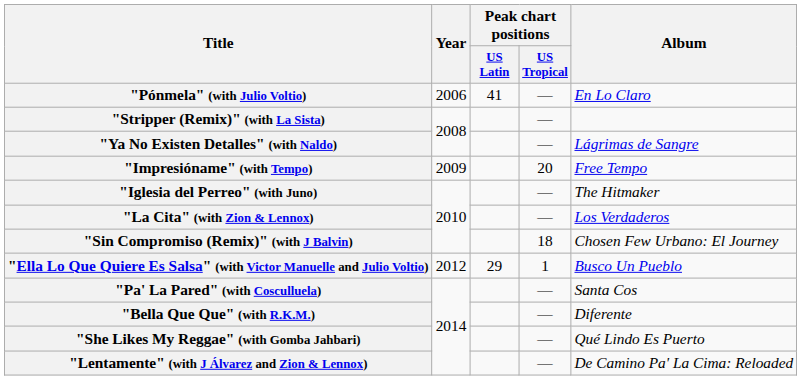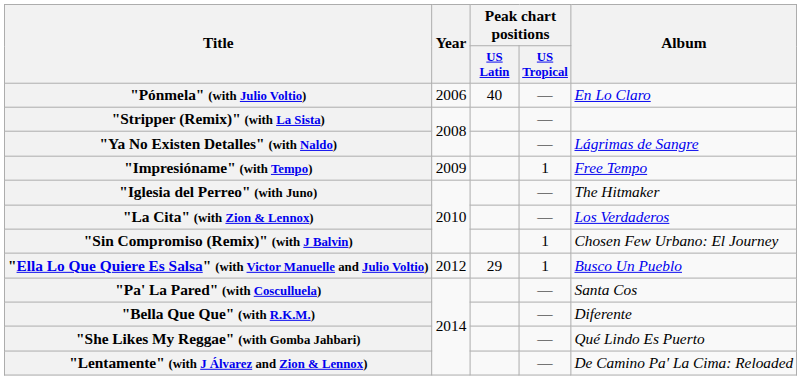 <table class="wikitable plainrowheaders">
 <tr>
 <th rowspan="2">Title</th>
 <th rowspan="2">Year</th>
 <th colspan="2">Peak chart positions</th>
 <th rowspan="2">Album</th>
 </tr>
 <tr style="font-size:smaller;">
 <th width="45"><a href='#'>US Latin</a><br></th>
 <th width="45"><a href='#'>US Tropical</a><br></th>
 </tr>
 <tr>
 <th scope="row">"Pónmela" <small>(with <a href='#'>Julio Voltio</a>)</small></th>
 <td>2006</td>
-<td align="center">41</td>
+<td align="center">40</td>
 <td align="center">—</td>
 <td><em><a href='#'>En Lo Claro</a></em></td>
 </tr>
 <tr>
 <th scope="row">"Stripper (Remix)" <small>(with <a href='#'>La Sista</a>)</small></th>
 <td rowspan="2">2008</td>
 <td align="center"></td>
 <td align="center">—</td>
 <td></td>
 </tr>
 <tr>
 <th scope="row">"Ya No Existen Detalles" <small>(with <a href='#'>Naldo</a>)</small></th>
 <td align="center"></td>
 <td align="center">—</td>
 <td><em><a href='#'>Lágrimas de Sangre</a></em></td>
 </tr>
 <tr>
 <th scope="row">"Impresióname" <small>(with <a href='#'>Tempo</a>)</small></th>
 <td>2009</td>
 <td align="center"></td>
-<td align="center">20</td>
+<td align="center">1</td>
 <td><em><a href='#'>Free Tempo</a></em></td>
 </tr>
 <tr>
 <th scope="row">"Iglesia del Perreo" <small>(with Juno)</small></th>
 <td rowspan="3">2010</td>
 <td align="center"></td>
 <td align="center">—</td>
 <td><em>The Hitmaker</em></td>
 </tr>
 <tr>
 <th scope="row">"La Cita" <small>(with <a href='#'>Zion & Lennox</a>)</small></th>
 <td align="center"></td>
 <td align="center">—</td>
 <td><em><a href='#'>Los Verdaderos</a></em></td>
 </tr>
 <tr>
 <th scope="row">"Sin Compromiso (Remix)" <small>(with <a href='#'>J Balvin</a>)</small></th>
 <td align="center"></td>
-<td align="center">18</td>
+<td align="center">1</td>
 <td><em>Chosen Few Urbano: El Journey</em></td>
 </tr>
 <tr>
 <th scope="row">"<a href='#'>Ella Lo Que Quiere Es Salsa</a>" <small>(with <a href='#'>Victor Manuelle</a> and <a href='#'>Julio Voltio</a>)</small></th>
 <td>2012</td>
 <td align="center">29</td>
 <td align="center">1</td>
 <td><em><a href='#'>Busco Un Pueblo</a></em></td>
 </tr>
 <tr>
 <th scope="row">"Pa' La Pared" <small>(with <a href='#'>Cosculluela</a>)</small></th>
 <td rowspan="4">2014</td>
 <td align="center"></td>
 <td align="center">—</td>
 <td><em>Santa Cos</em></td>
 </tr>
 <tr>
 <th scope="row">"Bella Que Que" <small>(with <a href='#'>R.K.M.</a>)</small></th>
 <td align="center"></td>
 <td align="center">—</td>
 <td><em>Diferente</em></td>
 </tr>
 <tr>
 <th scope="row">"She Likes My Reggae" <small>(with Gomba Jahbari)</small></th>
 <td align="center"></td>
 <td align="center">—</td>
 <td><em>Qué Lindo Es Puerto</em></td>
 </tr>
 <tr>
 <th scope="row">"Lentamente" <small>(with <a href='#'>J Álvarez</a> and <a href='#'>Zion & Lennox</a>)</small></th>
 <td align="center"></td>
 <td align="center">—</td>
 <td><em>De Camino Pa' La Cima: Reloaded</em></td>
 </tr>
 </table>
